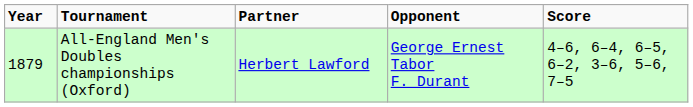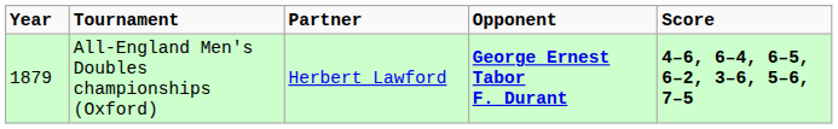 <table class="sortable wikitable">
 <tr>
 <td width=50><strong>Year</strong></td>
 <td width=200><strong>Tournament</strong></td>
 <td width=200><strong>Partner</strong></td>
 <td width=200><strong>Opponent</strong></td>
 <td width=200><strong>Score</strong></td>
 </tr>
 <tr bgcolor="#CCFFCC">
 <td>1879</td>
 <td>All-England Men's Doubles championships (Oxford)</td>
 <td> <a href='#'>Herbert Lawford</a></td>
-<td> <a href='#'>George Ernest Tabor</a><br> <a href='#'>F. Durant</a></td>
-<td>4–6, 6–4, 6–5, 6–2, 3–6, 5–6, 7–5</td>
+<td><strong> <a href='#'>George Ernest Tabor</a><br> <a href='#'>F. Durant</a></strong></td>
+<td><strong>4–6, 6–4, 6–5, 6–2, 3–6, 5–6, 7–5</strong></td>
 </tr>
 </table>
